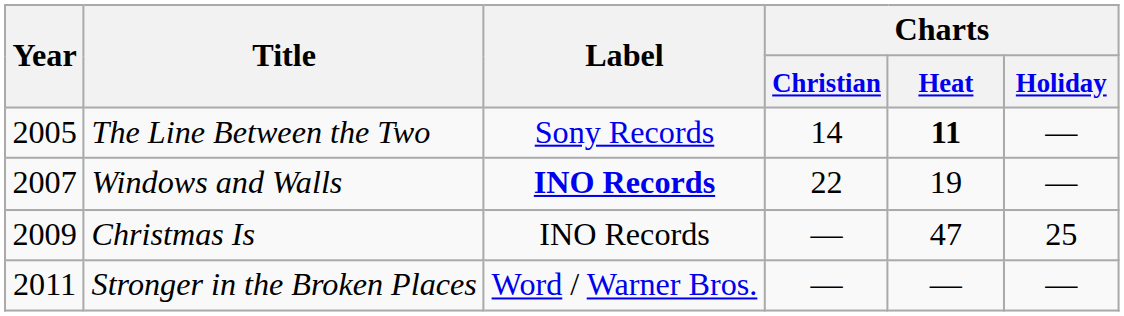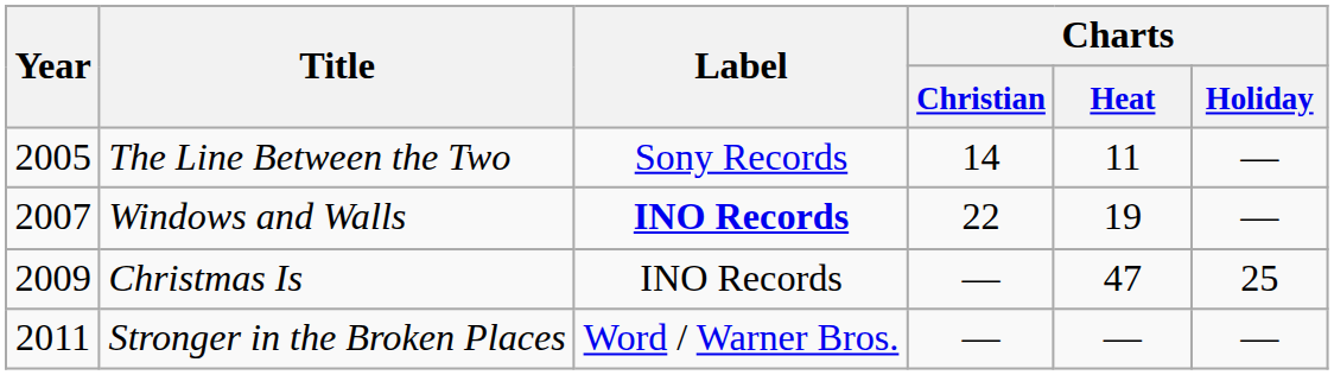 <table class="wikitable" style="text-align:center;">
 <tr>
 <th rowspan=2>Year</th>
 <th rowspan=2>Title</th>
 <th rowspan=2>Label</th>
 <th colspan=3>Charts</th>
 </tr>
 <tr>
 <th width="50"><small><a href='#'>Christian</a></small></th>
 <th width="50"><small><a href='#'>Heat</a></small></th>
 <th width="50"><small><a href='#'>Holiday</a></small></th>
 </tr>
 <tr>
 <td>2005</td>
 <td align="left"><em>The Line Between the Two</em></td>
 <td><a href='#'>Sony Records</a></td>
 <td>14</td>
-<td><strong>11</strong></td>
+<td>11</td>
 <td>—</td>
 </tr>
 <tr>
 <td>2007</td>
 <td align="left"><em>Windows and Walls</em></td>
 <td><strong><a href='#'>INO Records</a></strong></td>
 <td>22</td>
 <td>19</td>
 <td>—</td>
 </tr>
 <tr>
 <td>2009</td>
 <td align="left"><em>Christmas Is</em></td>
 <td>INO Records</td>
 <td>—</td>
 <td>47</td>
 <td>25</td>
 </tr>
 <tr>
 <td>2011</td>
 <td align="left"><em>Stronger in the Broken Places</em></td>
 <td><a href='#'>Word</a> / <a href='#'>Warner Bros.</a></td>
 <td>—</td>
 <td>—</td>
 <td>—</td>
 </tr>
 </table>
